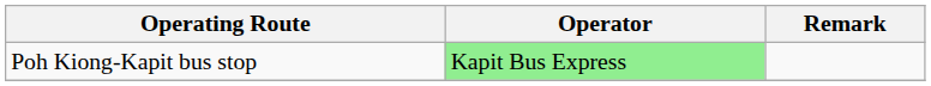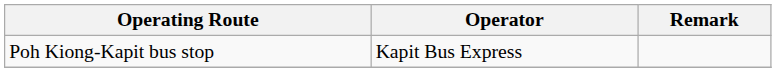 <table class="wikitable"  style="width:100%; margin:auto;">
 <tr>
 <th>Operating Route</th>
 <th>Operator</th>
 <th>Remark</th>
 </tr>
 <tr>
 <td>Poh Kiong-Kapit bus stop</td>
-<td style="background: lightgreen;">Kapit Bus Express</td>
+<td>Kapit Bus Express</td>
 <td></td>
 </tr>
 <tr>
 </tr>
 </table>
